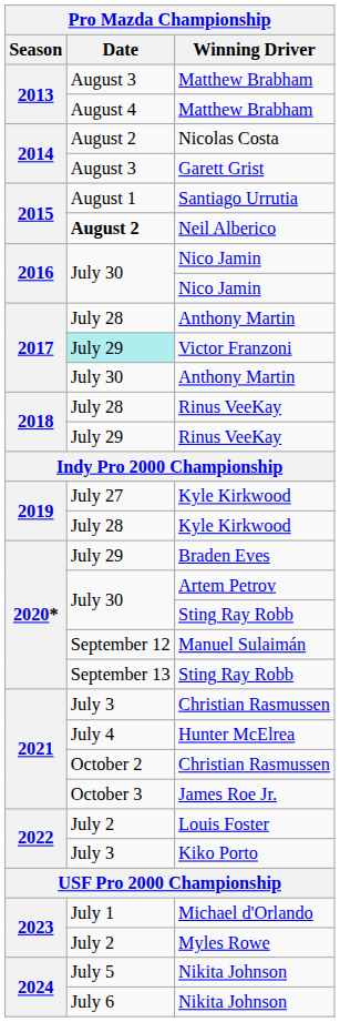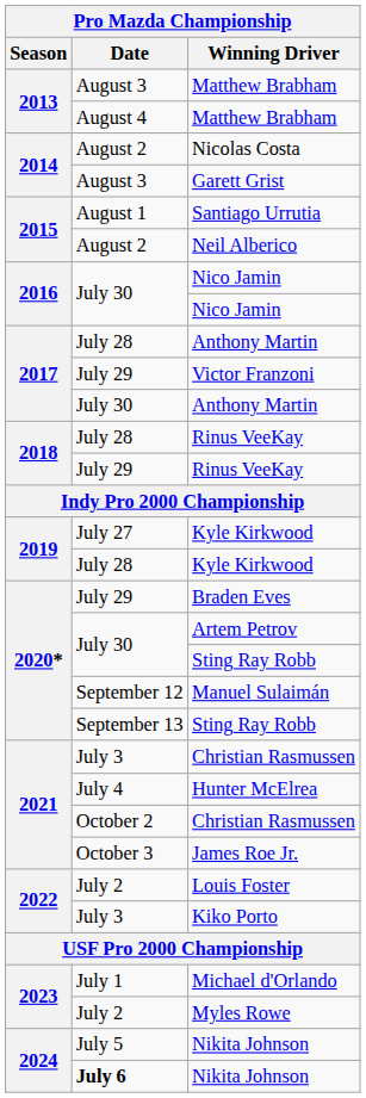 <table class="wikitable" style="font-size: 95%;">
 <tr>
 <th colspan=3><a href='#'>Pro Mazda Championship</a></th>
 </tr>
 <tr>
 <th>Season</th>
 <th>Date</th>
 <th>Winning Driver</th>
 </tr>
 <tr>
 <th rowspan=2><a href='#'>2013</a></th>
 <td>August 3</td>
 <td> <a href='#'>Matthew Brabham</a></td>
 </tr>
 <tr>
 <td>August 4</td>
 <td> <a href='#'>Matthew Brabham</a></td>
 </tr>
 <tr>
 <th rowspan=2><a href='#'>2014</a></th>
 <td>August 2</td>
 <td> Nicolas Costa</td>
 </tr>
 <tr>
 <td>August 3</td>
 <td> <a href='#'>Garett Grist</a></td>
 </tr>
 <tr>
 <th rowspan=2><a href='#'>2015</a></th>
 <td>August 1</td>
 <td> <a href='#'>Santiago Urrutia</a></td>
 </tr>
 <tr>
-<td><strong>August 2</strong></td>
+<td>August 2</td>
 <td> <a href='#'>Neil Alberico</a></td>
 </tr>
 <tr>
 <th rowspan=2><a href='#'>2016</a></th>
 <td rowspan=2>July 30</td>
 <td> <a href='#'>Nico Jamin</a></td>
 </tr>
 <tr>
 <td> <a href='#'>Nico Jamin</a></td>
 </tr>
 <tr>
 <th rowspan=3><a href='#'>2017</a></th>
 <td>July 28</td>
 <td> <a href='#'>Anthony Martin</a></td>
 </tr>
 <tr>
-<td style="background: paleturquoise;">July 29</td>
+<td>July 29</td>
 <td> <a href='#'>Victor Franzoni</a></td>
 </tr>
 <tr>
 <td>July 30</td>
 <td> <a href='#'>Anthony Martin</a></td>
 </tr>
 <tr>
 <th rowspan=2><a href='#'>2018</a></th>
 <td>July 28</td>
 <td> <a href='#'>Rinus VeeKay</a></td>
 </tr>
 <tr>
 <td>July 29</td>
 <td> <a href='#'>Rinus VeeKay</a></td>
 </tr>
 <tr>
 <th colspan=3><a href='#'>Indy Pro 2000 Championship</a></th>
 </tr>
 <tr>
 <th rowspan=2><a href='#'>2019</a></th>
 <td>July 27</td>
 <td> <a href='#'>Kyle Kirkwood</a></td>
 </tr>
 <tr>
 <td>July 28</td>
 <td> <a href='#'>Kyle Kirkwood</a></td>
 </tr>
 <tr>
 <th rowspan=5><a href='#'>2020</a>*</th>
 <td>July 29</td>
 <td> <a href='#'>Braden Eves</a></td>
 </tr>
 <tr>
 <td rowspan=2>July 30</td>
 <td> <a href='#'>Artem Petrov</a></td>
 </tr>
 <tr>
 <td> <a href='#'>Sting Ray Robb</a></td>
 </tr>
 <tr>
 <td>September 12</td>
 <td> <a href='#'>Manuel Sulaimán</a></td>
 </tr>
 <tr>
 <td>September 13</td>
 <td> <a href='#'>Sting Ray Robb</a></td>
 </tr>
 <tr>
 <th rowspan="4"><a href='#'>2021</a></th>
 <td>July 3</td>
 <td> <a href='#'>Christian Rasmussen</a></td>
 </tr>
 <tr>
 <td>July 4</td>
 <td> <a href='#'>Hunter McElrea</a></td>
 </tr>
 <tr>
 <td>October 2</td>
 <td> <a href='#'>Christian Rasmussen</a></td>
 </tr>
 <tr>
 <td>October 3</td>
 <td> <a href='#'>James Roe Jr.</a></td>
 </tr>
 <tr>
 <th rowspan="2"><a href='#'>2022</a></th>
 <td>July 2</td>
 <td> <a href='#'>Louis Foster</a></td>
 </tr>
 <tr>
 <td>July 3</td>
 <td> <a href='#'>Kiko Porto</a></td>
 </tr>
 <tr>
 <th colspan="3"><a href='#'>USF Pro 2000 Championship</a></th>
 </tr>
 <tr>
 <th rowspan="2"><a href='#'>2023</a></th>
 <td>July 1</td>
 <td> <a href='#'>Michael d'Orlando</a></td>
 </tr>
 <tr>
 <td>July 2</td>
 <td> <a href='#'>Myles Rowe</a></td>
 </tr>
 <tr>
 <th rowspan="2"><a href='#'>2024</a></th>
 <td>July 5</td>
 <td> <a href='#'>Nikita Johnson</a></td>
 </tr>
 <tr>
-<td>July 6</td>
+<td><strong>July 6</strong></td>
 <td> <a href='#'>Nikita Johnson</a></td>
 </tr>
 </table>
